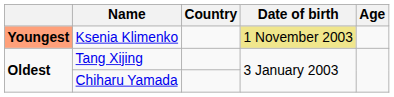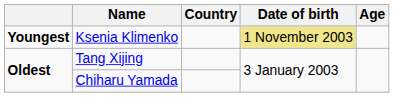 <table class="wikitable">
 <tr>
 <th></th>
 <th><strong>Name</strong></th>
 <th><strong>Country</strong></th>
 <th><strong>Date of birth</strong></th>
 <th><strong>Age</strong></th>
 </tr>
 <tr>
-<td style="background: lightsalmon;"><strong>Youngest</strong></td>
+<td><strong>Youngest</strong></td>
 <td><a href='#'>Ksenia Klimenko</a></td>
 <td></td>
 <td style="background: khaki;">1 November 2003</td>
 <td></td>
 </tr>
 <tr>
 <td rowspan=2><strong>Oldest</strong></td>
 <td><a href='#'>Tang Xijing</a></td>
 <td></td>
 <td rowspan=2>3 January 2003</td>
 <td rowspan=2></td>
 </tr>
 <tr>
 <td><a href='#'>Chiharu Yamada</a></td>
 <td></td>
 </tr>
 </table>
